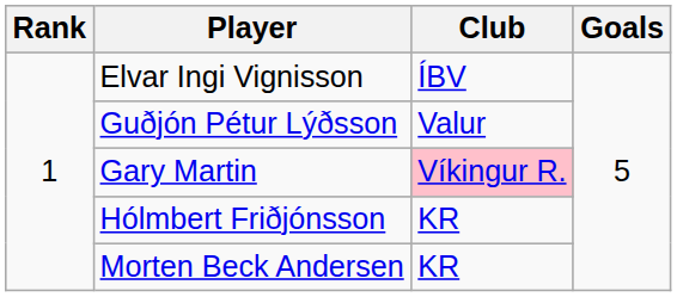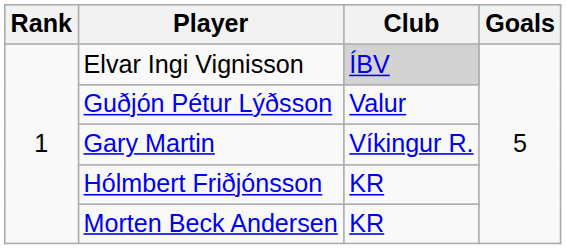 <table class="wikitable" style="text-align:center">
 <tr>
 <th>Rank</th>
 <th>Player</th>
 <th>Club</th>
 <th>Goals</th>
 </tr>
 <tr>
 <td rowspan="5">1</td>
 <td align=left> Elvar Ingi Vignisson</td>
-<td align=left><a href='#'>ÍBV</a></td>
+<td align=left style="background: lightgrey;"><a href='#'>ÍBV</a></td>
 <td rowspan="5">5</td>
 </tr>
 <tr>
 <td align=left> <a href='#'>Guðjón Pétur Lýðsson</a></td>
 <td align=left><a href='#'>Valur</a></td>
 </tr>
 <tr>
 <td align=left> <a href='#'>Gary Martin</a></td>
-<td align=left style="background: pink;"><a href='#'>Víkingur R.</a></td>
+<td align=left><a href='#'>Víkingur R.</a></td>
 </tr>
 <tr>
 <td align=left> <a href='#'>Hólmbert Friðjónsson</a></td>
 <td align=left><a href='#'>KR</a></td>
 </tr>
 <tr>
 <td align=left> <a href='#'>Morten Beck Andersen</a></td>
 <td align=left><a href='#'>KR</a></td>
 </tr>
 </table>
